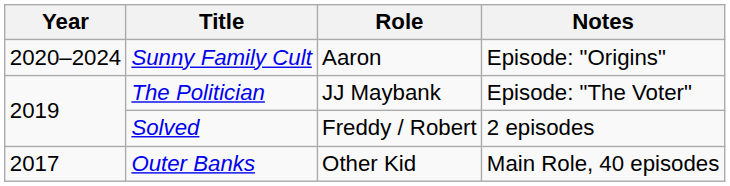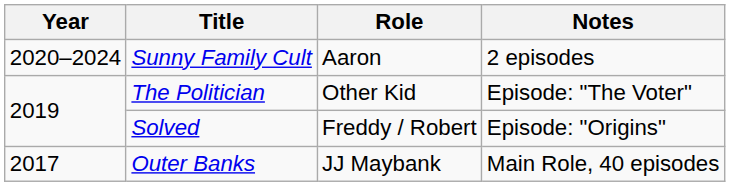 <table class="wikitable sorta">
 <tr>
 <th>Year</th>
 <th>Title</th>
 <th>Role</th>
 <th>Notes</th>
 </tr>
 <tr>
 <td>2020–2024</td>
 <td><a href='#'><em>Sunny Family Cult</em></a></td>
 <td>Aaron</td>
-<td>Episode: "Origins"</td>
+<td>2 episodes</td>
 </tr>
 <tr>
 <td rowspan="2">2019</td>
 <td><em><a href='#'>The Politician</a></em></td>
-<td>JJ Maybank</td>
+<td>Other Kid</td>
 <td>Episode: "The Voter"</td>
 </tr>
 <tr>
 <td><a href='#'><em>Solved</em></a></td>
 <td>Freddy / Robert</td>
-<td>2 episodes</td>
+<td>Episode: "Origins"</td>
 </tr>
 <tr>
 <td>2017</td>
 <td><em><a href='#'>Outer Banks</a></em></td>
-<td>Other Kid</td>
+<td>JJ Maybank</td>
 <td>Main Role, 40 episodes</td>
 </tr>
 </table>
